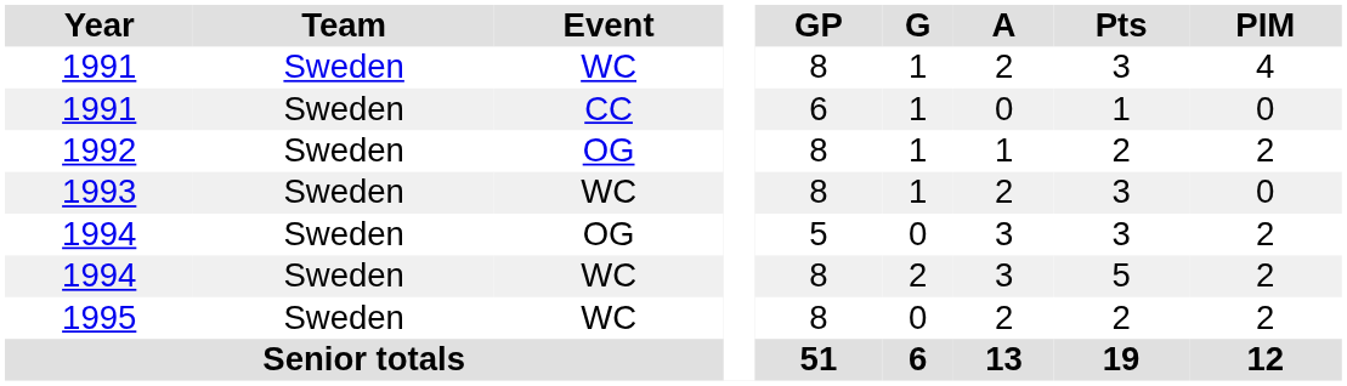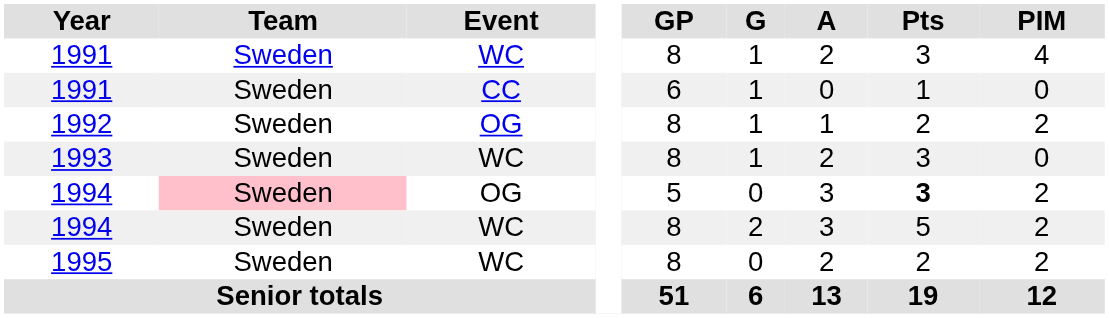 <table border="0" cellpadding="1" cellspacing="0" style="text-align:center; width:40em">
 <tr ALIGN="center" bgcolor="#e0e0e0">
 <th>Year</th>
 <th>Team</th>
 <th>Event</th>
 <th rowspan="99" bgcolor="#ffffff"> </th>
 <th>GP</th>
 <th>G</th>
 <th>A</th>
 <th>Pts</th>
 <th>PIM</th>
 </tr>
 <tr>
 <td><a href='#'>1991</a></td>
 <td><a href='#'>Sweden</a></td>
 <td><a href='#'>WC</a></td>
 <td>8</td>
 <td>1</td>
 <td>2</td>
 <td>3</td>
 <td>4</td>
 </tr>
 <tr bgcolor="#f0f0f0">
 <td><a href='#'>1991</a></td>
 <td>Sweden</td>
 <td><a href='#'>CC</a></td>
 <td>6</td>
 <td>1</td>
 <td>0</td>
 <td>1</td>
 <td>0</td>
 </tr>
 <tr>
 <td><a href='#'>1992</a></td>
 <td>Sweden</td>
 <td><a href='#'>OG</a></td>
 <td>8</td>
 <td>1</td>
 <td>1</td>
 <td>2</td>
 <td>2</td>
 </tr>
 <tr bgcolor="#f0f0f0">
 <td><a href='#'>1993</a></td>
 <td>Sweden</td>
 <td>WC</td>
 <td>8</td>
 <td>1</td>
 <td>2</td>
 <td>3</td>
 <td>0</td>
 </tr>
 <tr>
 <td><a href='#'>1994</a></td>
-<td>Sweden</td>
+<td style="background: pink;">Sweden</td>
 <td>OG</td>
 <td>5</td>
 <td>0</td>
 <td>3</td>
-<td>3</td>
+<td><strong>3</strong></td>
 <td>2</td>
 </tr>
 <tr bgcolor="#f0f0f0">
 <td><a href='#'>1994</a></td>
 <td>Sweden</td>
 <td>WC</td>
 <td>8</td>
 <td>2</td>
 <td>3</td>
 <td>5</td>
 <td>2</td>
 </tr>
 <tr>
 <td><a href='#'>1995</a></td>
 <td>Sweden</td>
 <td>WC</td>
 <td>8</td>
 <td>0</td>
 <td>2</td>
 <td>2</td>
 <td>2</td>
 </tr>
 <tr bgcolor="#e0e0e0">
 <th colspan=3>Senior totals</th>
 <th>51</th>
 <th>6</th>
 <th>13</th>
 <th>19</th>
 <th>12</th>
 </tr>
 </table>
